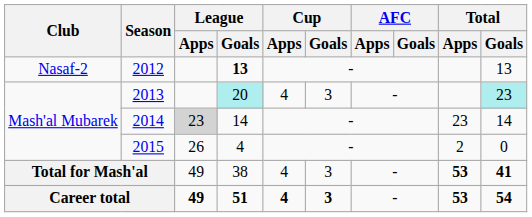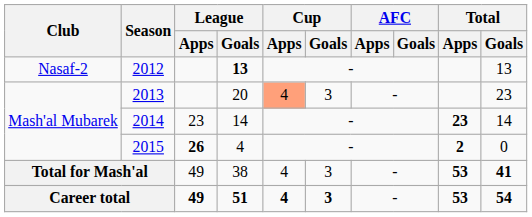 <table class="wikitable" style="font-size:90%; text-align:center;">
 <tr>
 <th rowspan="2">Club</th>
 <th rowspan="2">Season</th>
 <th colspan="2">League</th>
 <th colspan="2">Cup</th>
 <th colspan="2"><a href='#'>AFC</a></th>
 <th colspan="2">Total</th>
 </tr>
 <tr>
 <th>Apps</th>
 <th>Goals</th>
 <th>Apps</th>
 <th>Goals</th>
 <th>Apps</th>
 <th>Goals</th>
 <th>Apps</th>
 <th>Goals</th>
 </tr>
 <tr>
 <td rowspan="1"><a href='#'>Nasaf-2</a></td>
 <td><a href='#'>2012</a></td>
 <td></td>
 <td><strong>13</strong></td>
 <td colspan="4">-</td>
 <td></td>
 <td>13</td>
 </tr>
 <tr>
 <td rowspan="3"><a href='#'>Mash'al Mubarek</a></td>
 <td><a href='#'>2013</a></td>
 <td></td>
-<td style="background: paleturquoise;">20</td>
-<td>4</td>
+<td>20</td>
+<td style="background: lightsalmon;">4</td>
 <td>3</td>
 <td colspan="2">-</td>
 <td></td>
-<td style="background: paleturquoise;">23</td>
+<td>23</td>
 </tr>
 <tr>
 <td><a href='#'>2014</a></td>
-<td style="background: lightgrey;">23</td>
+<td>23</td>
 <td>14</td>
 <td colspan="4">-</td>
-<td>23</td>
+<td><strong>23</strong></td>
 <td>14</td>
 </tr>
 <tr>
 <td><a href='#'>2015</a></td>
-<td>26</td>
+<td><strong>26</strong></td>
 <td>4</td>
 <td colspan="4">-</td>
-<td>2</td>
+<td><strong>2</strong></td>
 <td>0</td>
 </tr>
 <tr>
 <th colspan="2">Total for Mash'al</th>
 <td>49</td>
 <td>38</td>
 <td>4</td>
 <td>3</td>
 <td colspan="2">-</td>
 <td><strong>53</strong></td>
 <td><strong>41</strong></td>
 </tr>
 <tr>
 <th colspan="2">Career total</th>
 <td><strong>49</strong></td>
 <td><strong>51</strong></td>
 <td><strong>4</strong></td>
 <td><strong>3</strong></td>
 <td colspan="2">-</td>
 <td><strong>53</strong></td>
 <td><strong>54</strong></td>
 </tr>
 </table>
